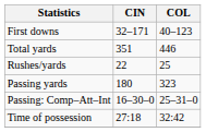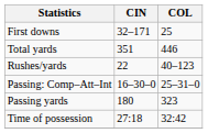 <table class="wikitable" style="float: left;">
 <tr>
 <th>Statistics</th>
 <th>CIN</th>
 <th>COL</th>
 </tr>
 <tr>
 <td>First downs</td>
 <td>32–171</td>
-<td>40–123</td>
+<td>25</td>
 </tr>
 <tr>
 <td>Total yards</td>
 <td>351</td>
 <td>446</td>
 </tr>
 <tr>
 <td>Rushes/yards</td>
 <td>22</td>
-<td>25</td>
+<td>40–123</td>
+</tr>
+<tr>
+<td>Passing: Comp–Att–Int</td>
+<td>16–30–0</td>
+<td>25–31–0</td>
 </tr>
 <tr>
 <td>Passing yards</td>
 <td>180</td>
 <td>323</td>
-</tr>
-<tr>
-<td>Passing: Comp–Att–Int</td>
-<td>16–30–0</td>
-<td>25–31–0</td>
 </tr>
 <tr>
 <td>Time of possession</td>
 <td>27:18</td>
 <td>32:42</td>
 </tr>
 <tr>
 </tr>
 </table>
